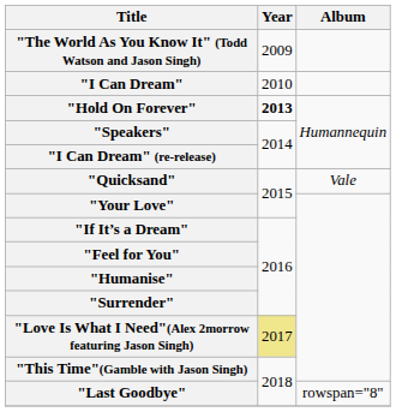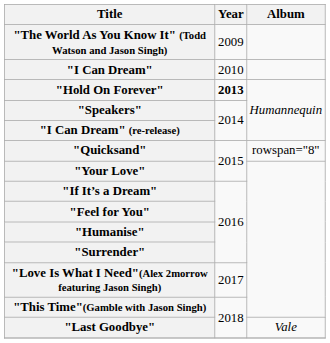 <table class="wikitable plainrowheaders" style="text-align:center;" border="1">
 <tr>
 <th scope="col" rowspan="1" style="width:16em;">Title</th>
 <th scope="col" rowspan="1">Year</th>
 <th scope="col" rowspan="1">Album</th>
 </tr>
 <tr>
 <th scope="row">"The World As You Know It" <small>(Todd Watson and Jason Singh) </small></th>
 <td rowspan="1">2009</td>
 <td></td>
 </tr>
 <tr>
 <th scope="row">"I Can Dream"</th>
 <td rowspan="1">2010</td>
 <td></td>
 </tr>
 <tr>
 <th scope="row">"Hold On Forever" </th>
 <td rowspan="1"><strong>2013</strong></td>
 <td rowspan="3"><em>Humannequin</em></td>
 </tr>
 <tr>
 <th scope="row">"Speakers" </th>
 <td rowspan="2">2014</td>
 </tr>
 <tr>
 <th scope="row">"I Can Dream" <small> (re-release) </small></th>
 </tr>
 <tr>
 <th scope="row">"Quicksand"</th>
 <td rowspan="2">2015</td>
-<td><em>Vale</em></td>
+<td>rowspan="8" </td>
 </tr>
 <tr>
 <th scope="row">"Your Love" </th>
 </tr>
 <tr>
 <th scope="row">"If It’s a Dream"</th>
 <td rowspan="4">2016</td>
 </tr>
 <tr>
 <th scope="row">"Feel for You" </th>
 </tr>
 <tr>
 <th scope="row">"Humanise" </th>
 </tr>
 <tr>
 <th scope="row">"Surrender" </th>
 </tr>
 <tr>
 <th scope="row">"Love Is What I Need"<small>(Alex 2morrow featuring Jason Singh) </small></th>
-<td rowspan="1" style="background: khaki;">2017</td>
+<td rowspan="1">2017</td>
 </tr>
 <tr>
 <th scope="row">"This Time"<small>(Gamble with Jason Singh) </small></th>
 <td rowspan="2">2018</td>
 </tr>
 <tr>
 <th scope="row">"Last Goodbye"</th>
-<td>rowspan="8" </td>
+<td><em>Vale</em></td>
 </tr>
 <tr>
 </tr>
 </table>
